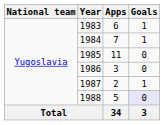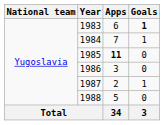 <table class="wikitable" style="text-align:center">
 <tr>
 <th>National team</th>
 <th>Year</th>
 <th>Apps</th>
 <th>Goals</th>
 </tr>
 <tr>
 <td rowspan="6"><a href='#'>Yugoslavia</a></td>
 <td>1983</td>
 <td>6</td>
-<td>1</td>
+<td><strong>1</strong></td>
 </tr>
 <tr>
 <td>1984</td>
 <td>7</td>
 <td>1</td>
 </tr>
 <tr>
 <td>1985</td>
-<td>11</td>
+<td><strong>11</strong></td>
 <td>0</td>
 </tr>
 <tr>
 <td>1986</td>
 <td>3</td>
 <td>0</td>
 </tr>
 <tr>
 <td>1987</td>
 <td>2</td>
 <td>1</td>
 </tr>
 <tr>
 <td>1988</td>
 <td>5</td>
-<td style="background: lavender;">0</td>
+<td>0</td>
 </tr>
 <tr>
 <th colspan="2">Total</th>
 <th>34</th>
 <th>3</th>
 </tr>
 </table>
